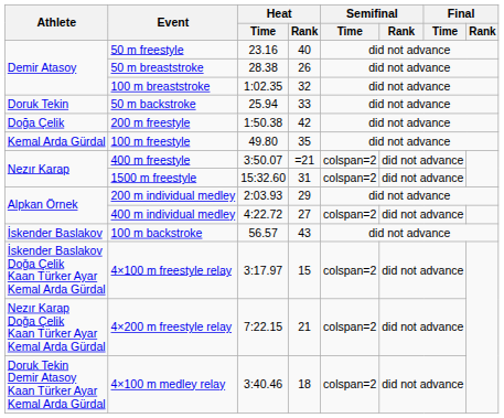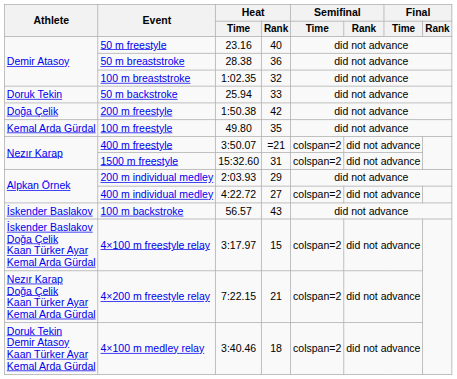 <table class=wikitable style="font-size:90%">
 <tr>
 <th rowspan="2">Athlete</th>
 <th rowspan="2">Event</th>
 <th colspan="2">Heat</th>
 <th colspan="2">Semifinal</th>
 <th colspan="2">Final</th>
 </tr>
 <tr style="font-size:95%">
 <th>Time</th>
 <th>Rank</th>
 <th>Time</th>
 <th>Rank</th>
 <th>Time</th>
 <th>Rank</th>
 </tr>
 <tr align=center>
 <td align=left rowspan=3><a href='#'>Demir Atasoy</a></td>
 <td align=left><a href='#'>50 m freestyle</a></td>
 <td>23.16</td>
 <td>40</td>
 <td colspan=4>did not advance</td>
 </tr>
 <tr align=center>
 <td align=left><a href='#'>50 m breaststroke</a></td>
 <td>28.38</td>
-<td>26</td>
+<td>36</td>
 <td colspan=4>did not advance</td>
 </tr>
 <tr align=center>
 <td align=left><a href='#'>100 m breaststroke</a></td>
 <td>1:02.35</td>
 <td>32</td>
 <td colspan=4>did not advance</td>
 </tr>
 <tr align=center>
 <td align=left><a href='#'>Doruk Tekin</a></td>
 <td align=left><a href='#'>50 m backstroke</a></td>
 <td>25.94</td>
 <td>33</td>
 <td colspan=4>did not advance</td>
 </tr>
 <tr align=center>
 <td align=left><a href='#'>Doğa Çelik</a></td>
 <td align=left><a href='#'>200 m freestyle</a></td>
 <td>1:50.38</td>
 <td>42</td>
 <td colspan=4>did not advance</td>
 </tr>
 <tr align=center>
 <td align=left><a href='#'>Kemal Arda Gürdal</a></td>
 <td align=left><a href='#'>100 m freestyle</a></td>
 <td>49.80</td>
 <td>35</td>
 <td colspan=4>did not advance</td>
 </tr>
 <tr align=center>
 <td align=left rowspan=2><a href='#'>Nezır Karap</a></td>
 <td align=left><a href='#'>400 m freestyle</a></td>
 <td>3:50.07</td>
 <td>=21</td>
 <td>colspan=2 </td>
 <td colspan=2>did not advance</td>
 </tr>
 <tr align=center>
 <td align=left><a href='#'>1500 m freestyle</a></td>
 <td>15:32.60</td>
 <td>31</td>
 <td>colspan=2 </td>
 <td colspan=2>did not advance</td>
 </tr>
 <tr align=center>
 <td align=left rowspan=2><a href='#'>Alpkan Örnek</a></td>
 <td align=left><a href='#'>200 m individual medley</a></td>
 <td>2:03.93</td>
 <td>29</td>
 <td colspan=4>did not advance</td>
 </tr>
 <tr align=center>
 <td align=left><a href='#'>400 m individual medley</a></td>
 <td>4:22.72</td>
 <td>27</td>
 <td>colspan=2 </td>
 <td colspan=2>did not advance</td>
 </tr>
 <tr align=center>
 <td align=left><a href='#'>İskender Baslakov</a></td>
 <td align=left><a href='#'>100 m backstroke</a></td>
 <td>56.57</td>
 <td>43</td>
 <td colspan=4>did not advance</td>
 </tr>
 <tr align=center>
 <td align=left><a href='#'>İskender Baslakov</a><br><a href='#'>Doǧa Çelik</a><br><a href='#'>Kaan Türker Ayar</a><br><a href='#'>Kemal Arda Gürdal</a></td>
 <td align=left><a href='#'>4×100 m freestyle relay</a></td>
 <td>3:17.97</td>
 <td>15</td>
 <td>colspan=2 </td>
 <td colspan=2>did not advance</td>
 </tr>
 <tr align=center>
 <td align=left><a href='#'>Nezır Karap</a><br><a href='#'>Doǧa Çelik</a><br><a href='#'>Kaan Türker Ayar</a><br><a href='#'>Kemal Arda Gürdal</a></td>
 <td align=left><a href='#'>4×200 m freestyle relay</a></td>
 <td>7:22.15</td>
 <td>21</td>
 <td>colspan=2 </td>
 <td colspan=2>did not advance</td>
 </tr>
 <tr align=center>
 <td align=left><a href='#'>Doruk Tekin</a><br><a href='#'>Demir Atasoy</a><br><a href='#'>Kaan Türker Ayar</a><br><a href='#'>Kemal Arda Gürdal</a></td>
 <td align=left><a href='#'>4×100 m medley relay</a></td>
 <td>3:40.46</td>
 <td>18</td>
 <td>colspan=2 </td>
 <td colspan=2>did not advance</td>
 </tr>
 </table>
